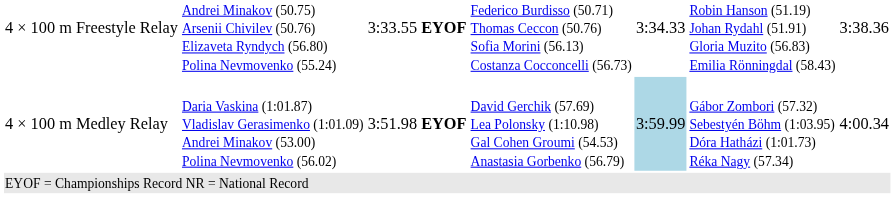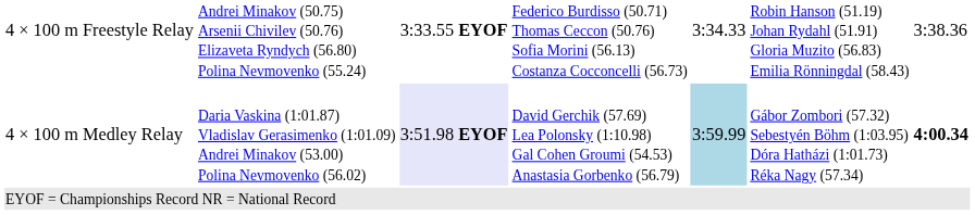 <table>
 <tr>
 <td>4 × 100 m Freestyle Relay </td>
 <td><br><small><a href='#'>Andrei Minakov</a> (50.75)<br><a href='#'>Arsenii Chivilev</a> (50.76)<br><a href='#'>Elizaveta Ryndych</a> (56.80)<br><a href='#'>Polina Nevmovenko</a> (55.24)</small></td>
 <td>3:33.55 <strong>EYOF</strong></td>
 <td><br><small><a href='#'>Federico Burdisso</a> (50.71)<br><a href='#'>Thomas Ceccon</a> (50.76)<br><a href='#'>Sofia Morini</a> (56.13)<br><a href='#'>Costanza Cocconcelli</a> (56.73)</small></td>
 <td>3:34.33</td>
 <td><br><small><a href='#'>Robin Hanson</a> (51.19)<br><a href='#'>Johan Rydahl</a> (51.91)<br><a href='#'>Gloria Muzito</a> (56.83)<br><a href='#'>Emilia Rönningdal</a> (58.43)</small></td>
 <td>3:38.36</td>
 </tr>
 <tr>
 <td>4 × 100 m Medley Relay </td>
 <td><br><small><a href='#'>Daria Vaskina</a> (1:01.87)<br><a href='#'>Vladislav Gerasimenko</a> (1:01.09)<br><a href='#'>Andrei Minakov</a> (53.00)<br><a href='#'>Polina Nevmovenko</a> (56.02)</small></td>
-<td>3:51.98 <strong>EYOF</strong></td>
+<td style="background: lavender;">3:51.98 <strong>EYOF</strong></td>
 <td><br><small><a href='#'>David Gerchik</a> (57.69)<br><a href='#'>Lea Polonsky</a> (1:10.98)<br><a href='#'>Gal Cohen Groumi</a> (54.53)<br><a href='#'>Anastasia Gorbenko</a> (56.79) </small></td>
 <td style="background: lightblue;">3:59.99</td>
 <td><br><small><a href='#'>Gábor Zombori</a> (57.32)<br><a href='#'>Sebestyén Böhm</a> (1:03.95)<br><a href='#'>Dóra Hatházi</a> (1:01.73)<br><a href='#'>Réka Nagy</a> (57.34) </small></td>
-<td>4:00.34</td>
+<td><strong>4:00.34</strong></td>
 </tr>
 <tr bgcolor= e8e8e8>
 <td colspan=7><small>EYOF = Championships Record  NR = National Record</small></td>
 </tr>
 </table>
